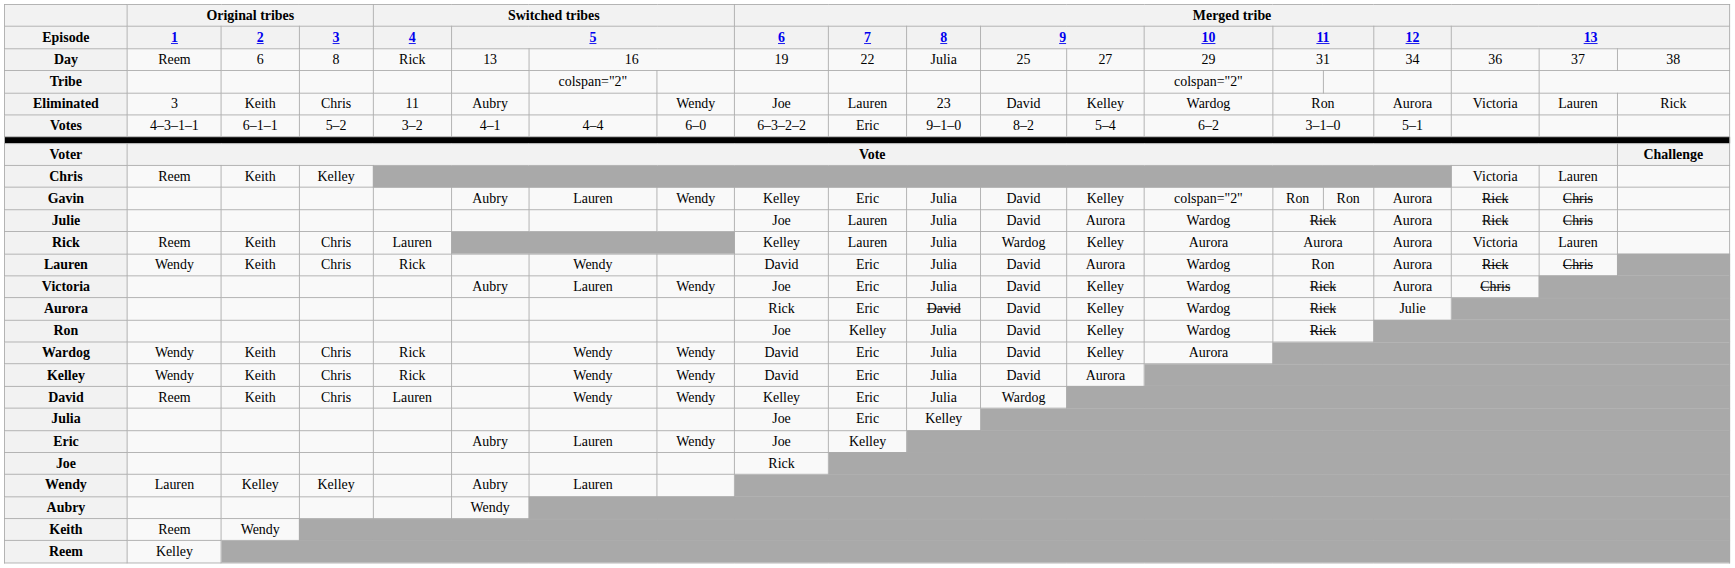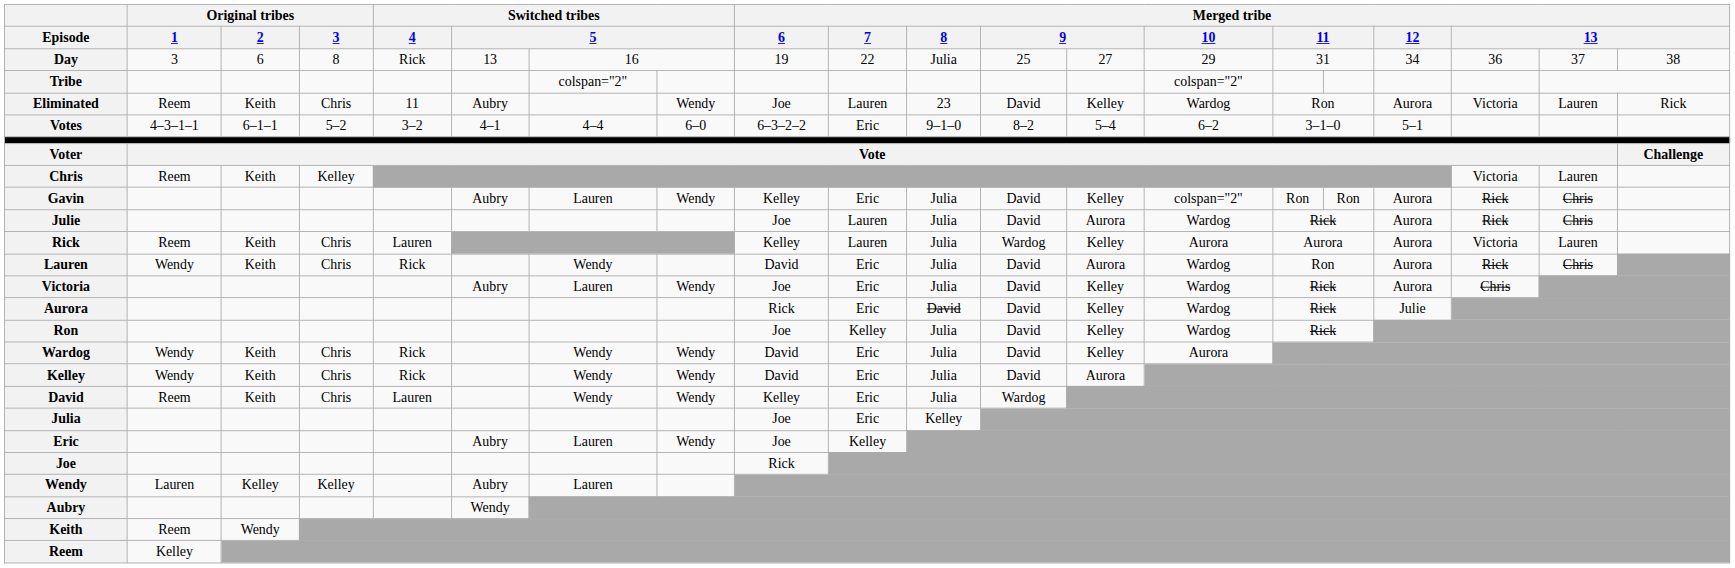 <table class="wikitable nowrap" width=100% style="text-align:center;">
 <tr>
 <th></th>
 <th colspan=3>Original tribes</th>
 <th colspan=4>Switched tribes</th>
 <th colspan=12>Merged tribe</th>
 </tr>
 <tr>
 <th>Episode</th>
 <th><a href='#'>1</a></th>
 <th><a href='#'>2</a></th>
 <th><a href='#'>3</a></th>
 <th><a href='#'>4</a></th>
 <th colspan="3"><a href='#'>5</a></th>
 <th><a href='#'>6</a></th>
 <th><a href='#'>7</a></th>
 <th><a href='#'>8</a></th>
 <th colspan="2"><a href='#'>9</a></th>
 <th><a href='#'>10</a></th>
 <th colspan="2"><a href='#'>11</a></th>
 <th><a href='#'>12</a></th>
 <th colspan="3"><a href='#'>13</a></th>
 </tr>
 <tr>
 <th>Day</th>
-<td>Reem</td>
+<td>3</td>
 <td>6</td>
 <td>8</td>
 <td>Rick</td>
 <td>13</td>
 <td colspan="2">16</td>
 <td>19</td>
 <td>22</td>
 <td>Julia</td>
 <td>25</td>
 <td>27</td>
 <td>29</td>
 <td colspan="2">31</td>
 <td>34</td>
 <td>36</td>
 <td>37</td>
 <td>38</td>
 </tr>
 <tr>
 <th>Tribe</th>
 <td></td>
 <td></td>
 <td></td>
 <td></td>
 <td></td>
 <td>colspan="2" </td>
 <td></td>
 <td></td>
 <td></td>
 <td></td>
 <td></td>
 <td></td>
 <td>colspan="2" </td>
 <td></td>
 <td></td>
 <td></td>
 <td></td>
 </tr>
 <tr>
 <th>Eliminated</th>
-<td>3</td>
+<td>Reem</td>
 <td>Keith</td>
 <td>Chris</td>
 <td>11</td>
 <td>Aubry</td>
 <td></td>
 <td>Wendy</td>
 <td>Joe</td>
 <td>Lauren</td>
 <td>23</td>
 <td>David</td>
 <td>Kelley</td>
 <td>Wardog</td>
 <td colspan=2>Ron</td>
 <td>Aurora</td>
 <td>Victoria</td>
 <td>Lauren</td>
 <td>Rick</td>
 </tr>
 <tr>
 <th>Votes</th>
 <td>4–3–1–1</td>
 <td>6–1–1</td>
 <td>5–2</td>
 <td>3–2</td>
 <td>4–1</td>
 <td>4–4</td>
 <td>6–0</td>
 <td>6–3–2–2</td>
 <td>Eric</td>
 <td>9–1–0</td>
 <td>8–2</td>
 <td>5–4</td>
 <td>6–2</td>
 <td colspan=2>3–1–0</td>
 <td>5–1</td>
 <td></td>
 <td></td>
 <td></td>
 </tr>
 <tr>
 <td bgcolor=black colspan=20></td>
 </tr>
 <tr>
 <th>Voter</th>
 <th colspan=18>Vote</th>
 <th>Challenge</th>
 </tr>
 <tr>
 <th>Chris</th>
 <td>Reem</td>
 <td>Keith</td>
 <td>Kelley</td>
 <td colspan="13" style="background:darkgrey;"></td>
 <td>Victoria</td>
 <td>Lauren</td>
 <td></td>
 </tr>
 <tr>
 <th>Gavin</th>
 <td></td>
 <td></td>
 <td></td>
 <td></td>
 <td>Aubry</td>
 <td>Lauren</td>
 <td>Wendy</td>
 <td>Kelley</td>
 <td>Eric</td>
 <td>Julia</td>
 <td>David</td>
 <td>Kelley</td>
 <td>colspan="2" </td>
 <td>Ron</td>
 <td>Ron</td>
 <td>Aurora</td>
 <td><s>Rick</s></td>
 <td><s>Chris</s></td>
 <td></td>
 </tr>
 <tr>
 <th>Julie</th>
 <td></td>
 <td></td>
 <td></td>
 <td></td>
 <td></td>
 <td></td>
 <td></td>
 <td>Joe</td>
 <td>Lauren</td>
 <td>Julia</td>
 <td>David</td>
 <td>Aurora</td>
 <td>Wardog</td>
 <td colspan="2"><s>Rick</s></td>
 <td>Aurora</td>
 <td><s>Rick</s></td>
 <td><s>Chris</s></td>
 <td></td>
 </tr>
 <tr>
 <th>Rick</th>
 <td>Reem</td>
 <td>Keith</td>
 <td>Chris</td>
 <td>Lauren</td>
 <td colspan="3" style="background:darkgrey;"></td>
 <td>Kelley</td>
 <td>Lauren</td>
 <td>Julia</td>
 <td>Wardog</td>
 <td>Kelley</td>
 <td>Aurora</td>
 <td colspan="2">Aurora</td>
 <td>Aurora</td>
 <td>Victoria</td>
 <td>Lauren</td>
 <td></td>
 </tr>
 <tr>
 <th>Lauren</th>
 <td>Wendy</td>
 <td>Keith</td>
 <td>Chris</td>
 <td>Rick</td>
 <td></td>
 <td>Wendy</td>
 <td></td>
 <td>David</td>
 <td>Eric</td>
 <td>Julia</td>
 <td>David</td>
 <td>Aurora</td>
 <td>Wardog</td>
 <td colspan="2">Ron</td>
 <td>Aurora</td>
 <td><s>Rick</s></td>
 <td><s>Chris</s></td>
 <td colspan="3" style="background:darkgrey;"></td>
 </tr>
 <tr>
 <th>Victoria</th>
 <td></td>
 <td></td>
 <td></td>
 <td></td>
 <td>Aubry</td>
 <td>Lauren</td>
 <td>Wendy</td>
 <td>Joe</td>
 <td>Eric</td>
 <td>Julia</td>
 <td>David</td>
 <td>Kelley</td>
 <td>Wardog</td>
 <td colspan="2"><s>Rick</s></td>
 <td>Aurora</td>
 <td><s>Chris</s></td>
 <td colspan="4" style="background:darkgrey;"></td>
 </tr>
 <tr>
 <th>Aurora</th>
 <td></td>
 <td></td>
 <td></td>
 <td></td>
 <td></td>
 <td></td>
 <td></td>
 <td>Rick</td>
 <td>Eric</td>
 <td><s>David</s></td>
 <td>David</td>
 <td>Kelley</td>
 <td>Wardog</td>
 <td colspan=2><s>Rick</s></td>
 <td>Julie</td>
 <td colspan="5" style="background:darkgrey;"></td>
 </tr>
 <tr>
 <th>Ron</th>
 <td></td>
 <td></td>
 <td></td>
 <td></td>
 <td></td>
 <td></td>
 <td></td>
 <td>Joe</td>
 <td>Kelley</td>
 <td>Julia</td>
 <td>David</td>
 <td>Kelley</td>
 <td>Wardog</td>
 <td colspan="2"><s>Rick</s></td>
 <td colspan="6" style="background:darkgrey;"></td>
 </tr>
 <tr>
 <th>Wardog</th>
 <td>Wendy</td>
 <td>Keith</td>
 <td>Chris</td>
 <td>Rick</td>
 <td></td>
 <td>Wendy</td>
 <td>Wendy</td>
 <td>David</td>
 <td>Eric</td>
 <td>Julia</td>
 <td>David</td>
 <td>Kelley</td>
 <td>Aurora</td>
 <td colspan="8" style="background:darkgrey;"></td>
 </tr>
 <tr>
 <th>Kelley</th>
 <td>Wendy</td>
 <td>Keith</td>
 <td>Chris</td>
 <td>Rick</td>
 <td></td>
 <td>Wendy</td>
 <td>Wendy</td>
 <td>David</td>
 <td>Eric</td>
 <td>Julia</td>
 <td>David</td>
 <td>Aurora</td>
 <td colspan="9" style="background:darkgrey;"></td>
 </tr>
 <tr>
 <th>David</th>
 <td>Reem</td>
 <td>Keith</td>
 <td>Chris</td>
 <td>Lauren</td>
 <td></td>
 <td>Wendy</td>
 <td>Wendy</td>
 <td>Kelley</td>
 <td>Eric</td>
 <td>Julia</td>
 <td>Wardog</td>
 <td colspan="10" style="background:darkgrey;"></td>
 </tr>
 <tr>
 <th>Julia</th>
 <td></td>
 <td></td>
 <td></td>
 <td></td>
 <td></td>
 <td></td>
 <td></td>
 <td>Joe</td>
 <td>Eric</td>
 <td>Kelley</td>
 <td colspan="11" style="background:darkgrey;"></td>
 </tr>
 <tr>
 <th>Eric</th>
 <td></td>
 <td></td>
 <td></td>
 <td></td>
 <td>Aubry</td>
 <td>Lauren</td>
 <td>Wendy</td>
 <td>Joe</td>
 <td>Kelley</td>
 <td colspan="13" style="background:darkgrey;"></td>
 </tr>
 <tr>
 <th>Joe</th>
 <td></td>
 <td></td>
 <td></td>
 <td></td>
 <td></td>
 <td></td>
 <td></td>
 <td>Rick</td>
 <td colspan="13" style="background:darkgrey;"></td>
 </tr>
 <tr>
 <th>Wendy</th>
 <td>Lauren</td>
 <td>Kelley</td>
 <td>Kelley</td>
 <td></td>
 <td>Aubry</td>
 <td>Lauren</td>
 <td></td>
 <td colspan="14" style="background:darkgrey;"></td>
 </tr>
 <tr>
 <th>Aubry</th>
 <td></td>
 <td></td>
 <td></td>
 <td></td>
 <td>Wendy</td>
 <td colspan="16" style="background:darkgrey;"></td>
 </tr>
 <tr>
 <th>Keith</th>
 <td>Reem</td>
 <td>Wendy</td>
 <td colspan="18" style="background:darkgrey;"></td>
 </tr>
 <tr>
 <th>Reem</th>
 <td>Kelley</td>
 <td colspan="20" style="background:darkgrey;"></td>
 </tr>
 </table>
